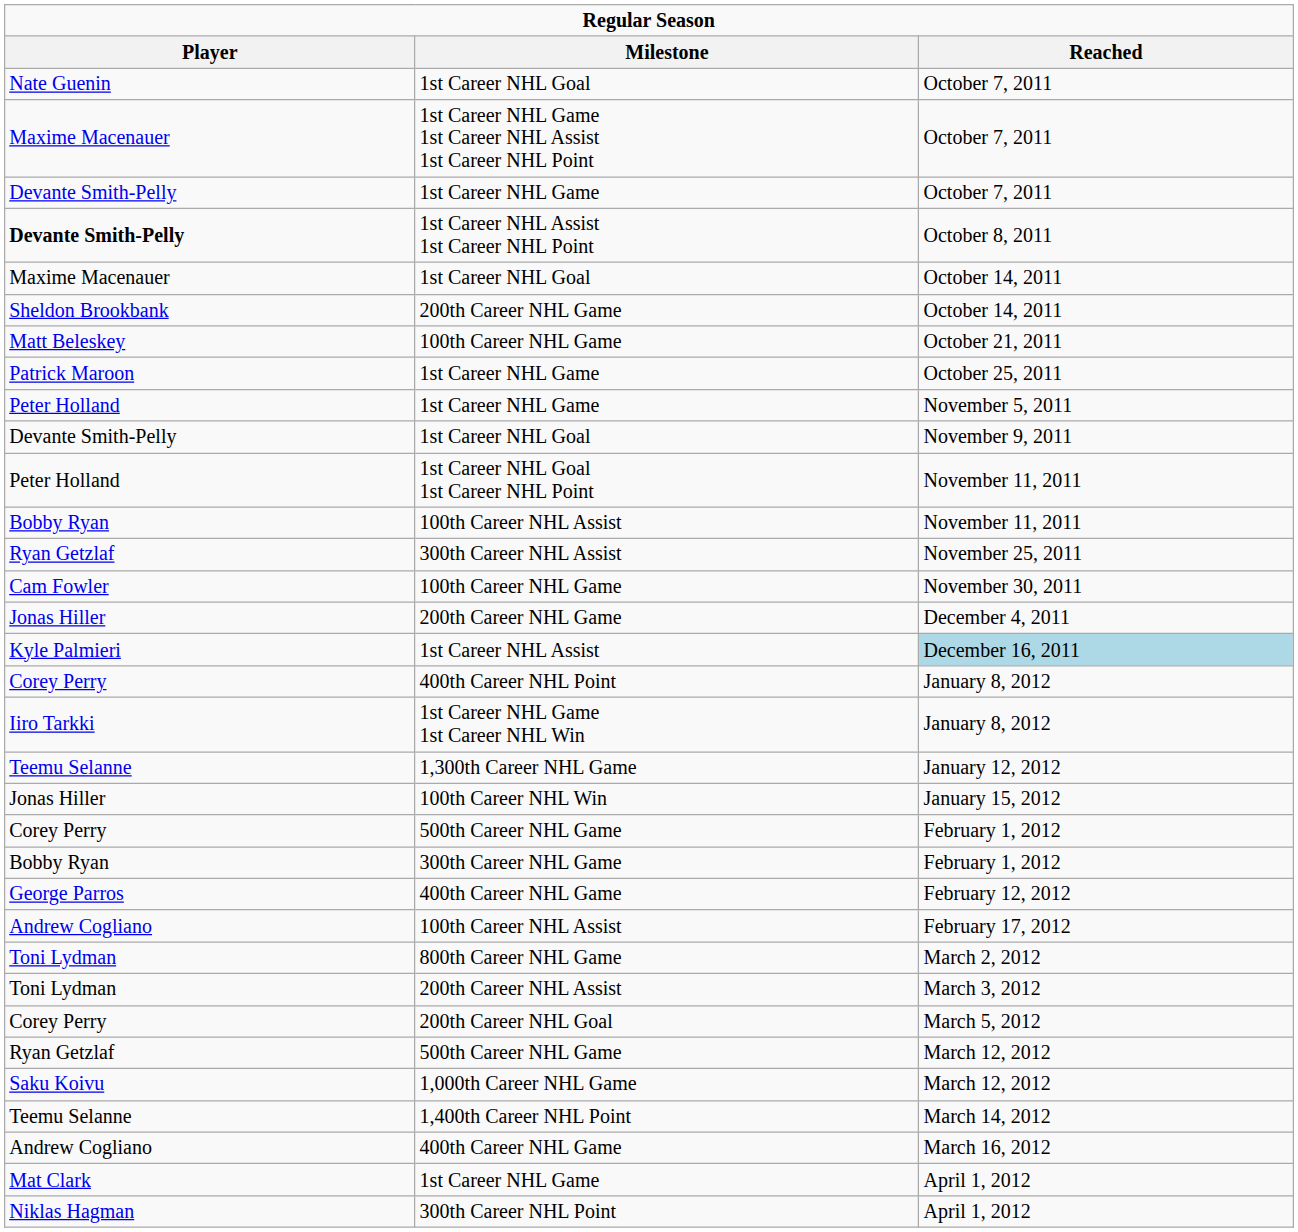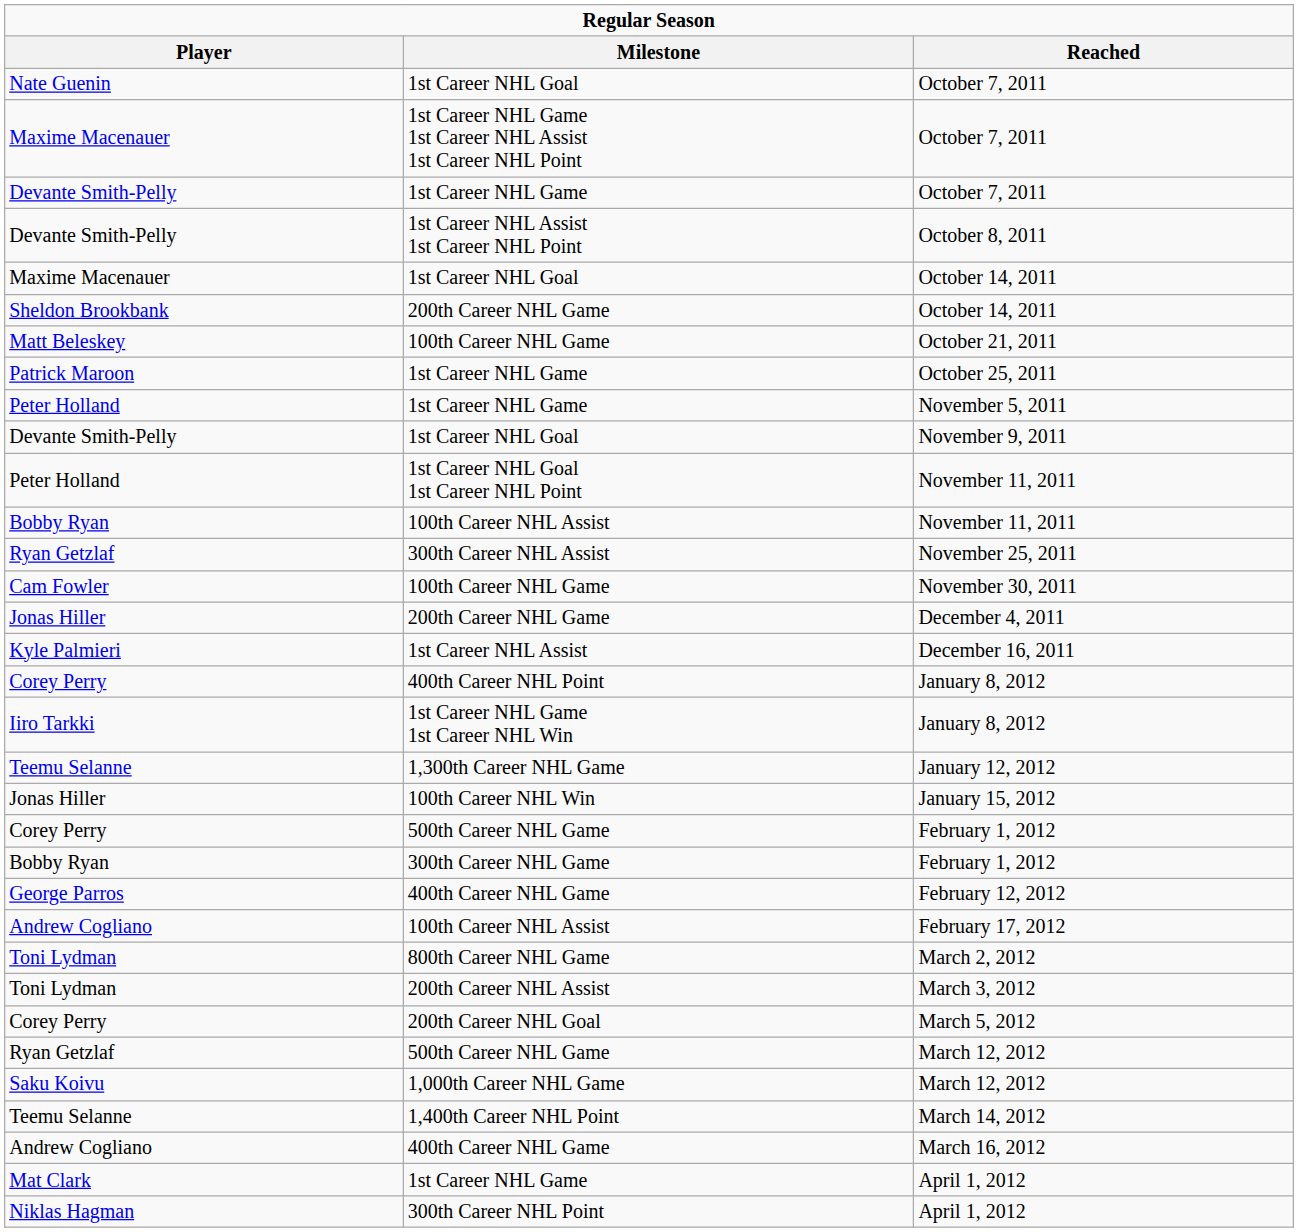 <table class="wikitable" style="width:52%;">
 <tr>
 <td colspan="10" style="text-align:center;"><strong>Regular Season</strong></td>
 </tr>
 <tr>
 <th>Player</th>
 <th>Milestone</th>
 <th>Reached</th>
 </tr>
 <tr>
 <td><a href='#'>Nate Guenin</a></td>
 <td>1st Career NHL Goal</td>
 <td>October 7, 2011</td>
 </tr>
 <tr>
 <td><a href='#'>Maxime Macenauer</a></td>
 <td>1st Career NHL Game<br>1st Career NHL Assist<br>1st Career NHL Point</td>
 <td>October 7, 2011</td>
 </tr>
 <tr>
 <td><a href='#'>Devante Smith-Pelly</a></td>
 <td>1st Career NHL Game</td>
 <td>October 7, 2011</td>
 </tr>
 <tr>
-<td><strong>Devante Smith-Pelly</strong></td>
+<td>Devante Smith-Pelly</td>
 <td>1st Career NHL Assist<br>1st Career NHL Point</td>
 <td>October 8, 2011</td>
 </tr>
 <tr>
 <td>Maxime Macenauer</td>
 <td>1st Career NHL Goal</td>
 <td>October 14, 2011</td>
 </tr>
 <tr>
 <td><a href='#'>Sheldon Brookbank</a></td>
 <td>200th Career NHL Game</td>
 <td>October 14, 2011</td>
 </tr>
 <tr>
 <td><a href='#'>Matt Beleskey</a></td>
 <td>100th Career NHL Game</td>
 <td>October 21, 2011</td>
 </tr>
 <tr>
 <td><a href='#'>Patrick Maroon</a></td>
 <td>1st Career NHL Game</td>
 <td>October 25, 2011</td>
 </tr>
 <tr>
 <td><a href='#'>Peter Holland</a></td>
 <td>1st Career NHL Game</td>
 <td>November 5, 2011</td>
 </tr>
 <tr>
 <td>Devante Smith-Pelly</td>
 <td>1st Career NHL Goal</td>
 <td>November 9, 2011</td>
 </tr>
 <tr>
 <td>Peter Holland</td>
 <td>1st Career NHL Goal<br>1st Career NHL Point</td>
 <td>November 11, 2011</td>
 </tr>
 <tr>
 <td><a href='#'>Bobby Ryan</a></td>
 <td>100th Career NHL Assist</td>
 <td>November 11, 2011</td>
 </tr>
 <tr>
 <td><a href='#'>Ryan Getzlaf</a></td>
 <td>300th Career NHL Assist</td>
 <td>November 25, 2011</td>
 </tr>
 <tr>
 <td><a href='#'>Cam Fowler</a></td>
 <td>100th Career NHL Game</td>
 <td>November 30, 2011</td>
 </tr>
 <tr>
 <td><a href='#'>Jonas Hiller</a></td>
 <td>200th Career NHL Game</td>
 <td>December 4, 2011</td>
 </tr>
 <tr>
 <td><a href='#'>Kyle Palmieri</a></td>
 <td>1st Career NHL Assist</td>
-<td style="background: lightblue;">December 16, 2011</td>
+<td>December 16, 2011</td>
 </tr>
 <tr>
 <td><a href='#'>Corey Perry</a></td>
 <td>400th Career NHL Point</td>
 <td>January 8, 2012</td>
 </tr>
 <tr>
 <td><a href='#'>Iiro Tarkki</a></td>
 <td>1st Career NHL Game<br>1st Career NHL Win</td>
 <td>January 8, 2012</td>
 </tr>
 <tr>
 <td><a href='#'>Teemu Selanne</a></td>
 <td>1,300th Career NHL Game</td>
 <td>January 12, 2012</td>
 </tr>
 <tr>
 <td>Jonas Hiller</td>
 <td>100th Career NHL Win</td>
 <td>January 15, 2012</td>
 </tr>
 <tr>
 <td>Corey Perry</td>
 <td>500th Career NHL Game</td>
 <td>February 1, 2012</td>
 </tr>
 <tr>
 <td>Bobby Ryan</td>
 <td>300th Career NHL Game</td>
 <td>February 1, 2012</td>
 </tr>
 <tr>
 <td><a href='#'>George Parros</a></td>
 <td>400th Career NHL Game</td>
 <td>February 12, 2012</td>
 </tr>
 <tr>
 <td><a href='#'>Andrew Cogliano</a></td>
 <td>100th Career NHL Assist</td>
 <td>February 17, 2012</td>
 </tr>
 <tr>
 <td><a href='#'>Toni Lydman</a></td>
 <td>800th Career NHL Game</td>
 <td>March 2, 2012</td>
 </tr>
 <tr>
 <td>Toni Lydman</td>
 <td>200th Career NHL Assist</td>
 <td>March 3, 2012</td>
 </tr>
 <tr>
 <td>Corey Perry</td>
 <td>200th Career NHL Goal</td>
 <td>March 5, 2012</td>
 </tr>
 <tr>
 <td>Ryan Getzlaf</td>
 <td>500th Career NHL Game</td>
 <td>March 12, 2012</td>
 </tr>
 <tr>
 <td><a href='#'>Saku Koivu</a></td>
 <td>1,000th Career NHL Game</td>
 <td>March 12, 2012</td>
 </tr>
 <tr>
 <td>Teemu Selanne</td>
 <td>1,400th Career NHL Point</td>
 <td>March 14, 2012</td>
 </tr>
 <tr>
 <td>Andrew Cogliano</td>
 <td>400th Career NHL Game</td>
 <td>March 16, 2012</td>
 </tr>
 <tr>
 <td><a href='#'>Mat Clark</a></td>
 <td>1st Career NHL Game</td>
 <td>April 1, 2012</td>
 </tr>
 <tr>
 <td><a href='#'>Niklas Hagman</a></td>
 <td>300th Career NHL Point</td>
 <td>April 1, 2012</td>
 </tr>
 </table>
